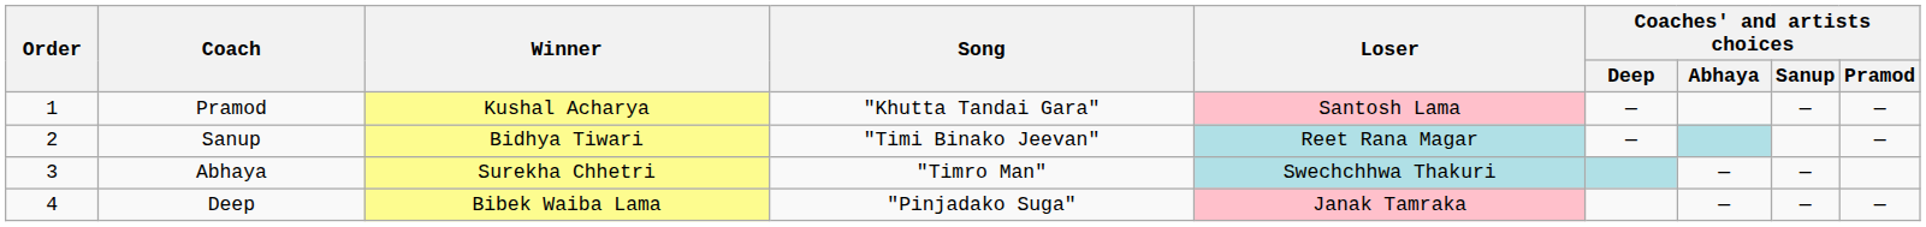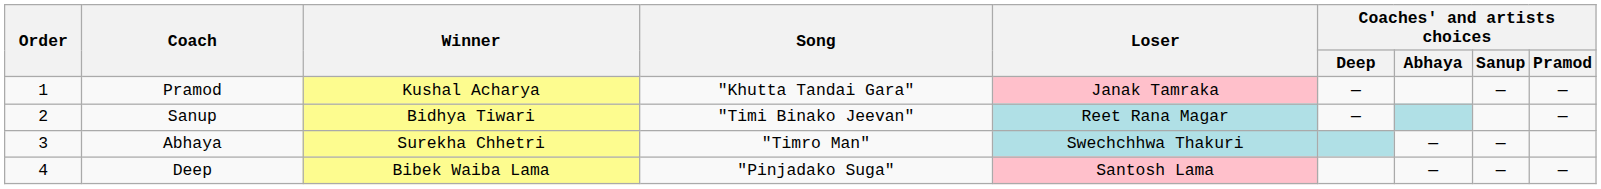 <table class="wikitable plainrowheaders" style="text-align:center; width:100%;">
 <tr>
 <th scope="col" style="width:05%;" rowspan="2">Order</th>
 <th scope="col" style="width:15%;" rowspan="2">Coach</th>
 <th scope="col" style="width:23%;" rowspan="2">Winner</th>
 <th scope="col" style="width:24%;" rowspan="2">Song</th>
 <th scope="col" style="width:22%;" rowspan="2">Loser</th>
 <th scope="col" style="width:20%;" colspan="4">Coaches' and artists choices</th>
 </tr>
 <tr>
 <th scope="col" style="width:05%;">Deep</th>
 <th scope="col" style="width:05%;">Abhaya</th>
 <th scope="col" style="width:05%;">Sanup</th>
 <th scope="col" style="width:05%;">Pramod</th>
 </tr>
 <tr>
 <td scope="row">1</td>
 <td>Pramod</td>
 <td style="background:#fdfc8f;text-align:center;">Kushal Acharya</td>
 <td>"Khutta Tandai Gara"</td>
-<td style="background:pink;text-align:center;">Santosh Lama</td>
+<td style="background:pink;text-align:center;">Janak Tamraka</td>
 <td>—</td>
 <td></td>
 <td>—</td>
 <td>—</td>
 </tr>
 <tr>
 <td scope="row">2</td>
 <td>Sanup</td>
 <td style="background:#fdfc8f;text-align:center;">Bidhya Tiwari</td>
 <td>"Timi Binako Jeevan"</td>
 <td style="background:#b0e0e6;text-align:center;">Reet Rana Magar</td>
 <td>—</td>
 <td style="background:#b0e0e6;text-align:center;'"></td>
 <td></td>
 <td>—</td>
 </tr>
 <tr>
 <td scope="row">3</td>
 <td>Abhaya</td>
 <td style="background:#fdfc8f;text-align:center;">Surekha Chhetri</td>
 <td>"Timro Man"</td>
 <td style="background:#b0e0e6;text-align:center;">Swechchhwa Thakuri</td>
 <td style="background:#b0e0e6;text-align:center;"></td>
 <td>—</td>
 <td>—</td>
 <td></td>
 </tr>
 <tr>
 <td scope="row">4</td>
 <td>Deep</td>
 <td style="background:#fdfc8f;text-align:center;">Bibek Waiba Lama</td>
 <td>"Pinjadako Suga"</td>
-<td style="background:pink;text-align:center;">Janak Tamraka</td>
+<td style="background:pink;text-align:center;">Santosh Lama</td>
 <td></td>
 <td>—</td>
 <td>—</td>
 <td>—</td>
 </tr>
 </table>
